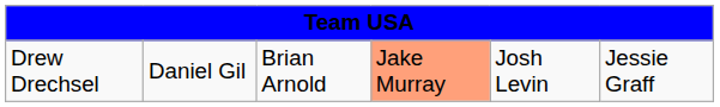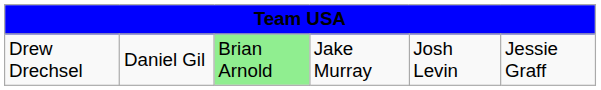 <table class="wikitable" style="width:40%; text-align=center;">
 <tr>
 <th colspan="6" style="background:blue;">Team USA</th>
 </tr>
 <tr>
 <td style="width:10%;">Drew Drechsel</td>
 <td style="width:10%;">Daniel Gil</td>
-<td style="width:10%;">Brian Arnold</td>
-<td style="background: lightsalmon; width:10%;">Jake Murray</td>
+<td style="background: lightgreen; width:10%;">Brian Arnold</td>
+<td style="width:10%;">Jake Murray</td>
 <td style="width:10%;">Josh Levin</td>
 <td style="width:10%;">Jessie Graff</td>
 </tr>
 </table>
